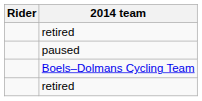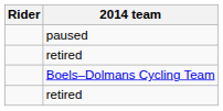 <table class="wikitable">
 <tr>
 <th>Rider</th>
 <th>2014 team</th>
 </tr>
 <tr>
 <td></td>
-<td>retired</td>
+<td>paused</td>
 </tr>
 <tr>
 <td></td>
-<td>paused</td>
+<td>retired</td>
 </tr>
 <tr>
 <td></td>
 <td><a href='#'>Boels–Dolmans Cycling Team</a></td>
 </tr>
 <tr>
 <td></td>
 <td>retired</td>
 </tr>
 </table>
